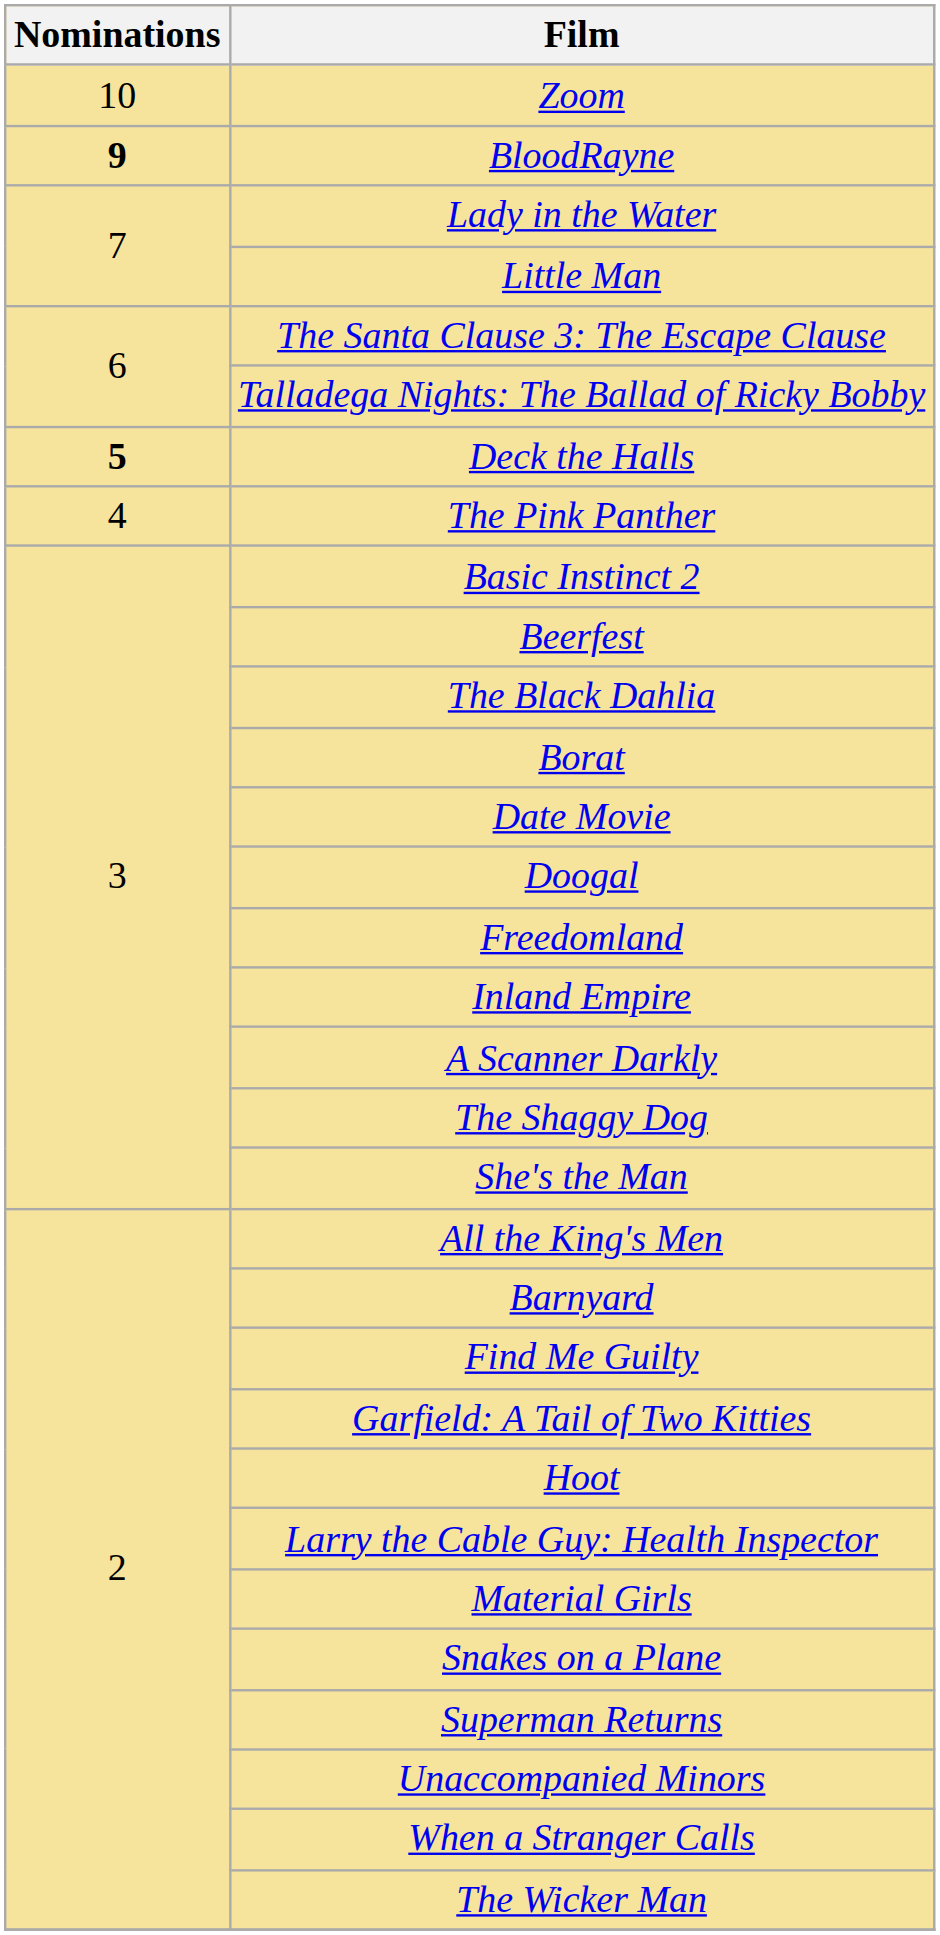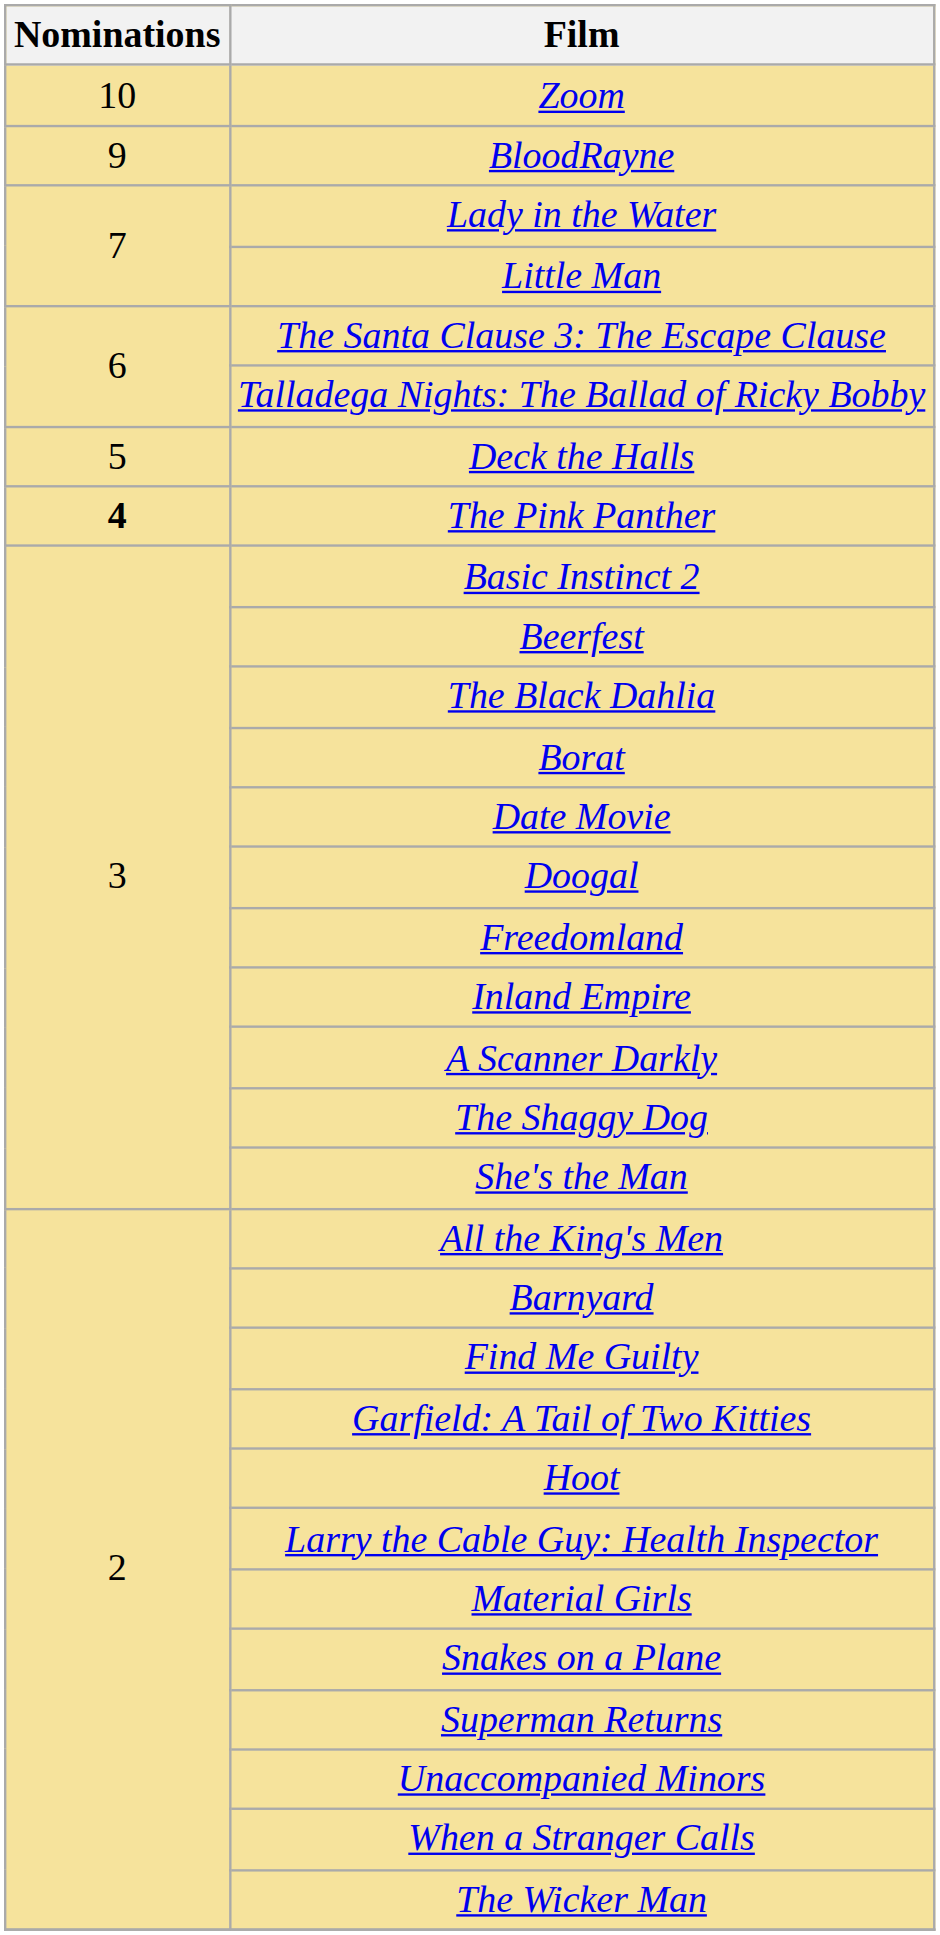 <table class="wikitable sortable" rowspan=2 style="text-align: center; background: #f6e39c">
 <tr>
 <th scope="col" width="55">Nominations</th>
 <th scope="col" align="center">Film</th>
 </tr>
 <tr>
 <td>10</td>
 <td><em><a href='#'>Zoom</a></em></td>
 </tr>
 <tr>
-<td><strong>9</strong></td>
+<td>9</td>
 <td><em><a href='#'>BloodRayne</a></em></td>
 </tr>
 <tr>
 <td rowspan="2" style="text-align:center">7</td>
 <td><em><a href='#'>Lady in the Water</a></em></td>
 </tr>
 <tr>
 <td><em><a href='#'>Little Man</a></em></td>
 </tr>
 <tr>
 <td rowspan="2" style="text-align:center">6</td>
 <td><em><a href='#'>The Santa Clause 3: The Escape Clause</a></em></td>
 </tr>
 <tr>
 <td><em><a href='#'>Talladega Nights: The Ballad of Ricky Bobby</a></em></td>
 </tr>
 <tr>
-<td><strong>5</strong></td>
+<td>5</td>
 <td><em><a href='#'>Deck the Halls</a></em></td>
 </tr>
 <tr>
-<td>4</td>
+<td><strong>4</strong></td>
 <td><em><a href='#'>The Pink Panther</a></em></td>
 </tr>
 <tr>
 <td rowspan="11" style="text-align:center">3</td>
 <td><em><a href='#'>Basic Instinct 2</a></em></td>
 </tr>
 <tr>
 <td><em><a href='#'>Beerfest</a></em></td>
 </tr>
 <tr>
 <td><em><a href='#'>The Black Dahlia</a></em></td>
 </tr>
 <tr>
 <td><em><a href='#'>Borat</a></em></td>
 </tr>
 <tr>
 <td><em><a href='#'>Date Movie</a></em></td>
 </tr>
 <tr>
 <td><em><a href='#'>Doogal</a></em></td>
 </tr>
 <tr>
 <td><em><a href='#'>Freedomland</a></em></td>
 </tr>
 <tr>
 <td><em><a href='#'>Inland Empire</a></em></td>
 </tr>
 <tr>
 <td><em><a href='#'>A Scanner Darkly</a></em></td>
 </tr>
 <tr>
 <td><em><a href='#'>The Shaggy Dog</a></em></td>
 </tr>
 <tr>
 <td><em><a href='#'>She's the Man</a></em></td>
 </tr>
 <tr>
 <td rowspan="12" style="text-align:center">2</td>
 <td><em><a href='#'>All the King's Men</a></em></td>
 </tr>
 <tr>
 <td><em><a href='#'>Barnyard</a></em></td>
 </tr>
 <tr>
 <td><em><a href='#'>Find Me Guilty</a></em></td>
 </tr>
 <tr>
 <td><em><a href='#'>Garfield: A Tail of Two Kitties</a></em></td>
 </tr>
 <tr>
 <td><em><a href='#'>Hoot</a></em></td>
 </tr>
 <tr>
 <td><em><a href='#'>Larry the Cable Guy: Health Inspector</a></em></td>
 </tr>
 <tr>
 <td><em><a href='#'>Material Girls</a></em></td>
 </tr>
 <tr>
 <td><em><a href='#'>Snakes on a Plane</a></em></td>
 </tr>
 <tr>
 <td><em><a href='#'>Superman Returns</a></em></td>
 </tr>
 <tr>
 <td><em><a href='#'>Unaccompanied Minors</a></em></td>
 </tr>
 <tr>
 <td><em><a href='#'>When a Stranger Calls</a></em></td>
 </tr>
 <tr>
 <td><em><a href='#'>The Wicker Man</a></em></td>
 </tr>
 <tr>
 </tr>
 </table>
